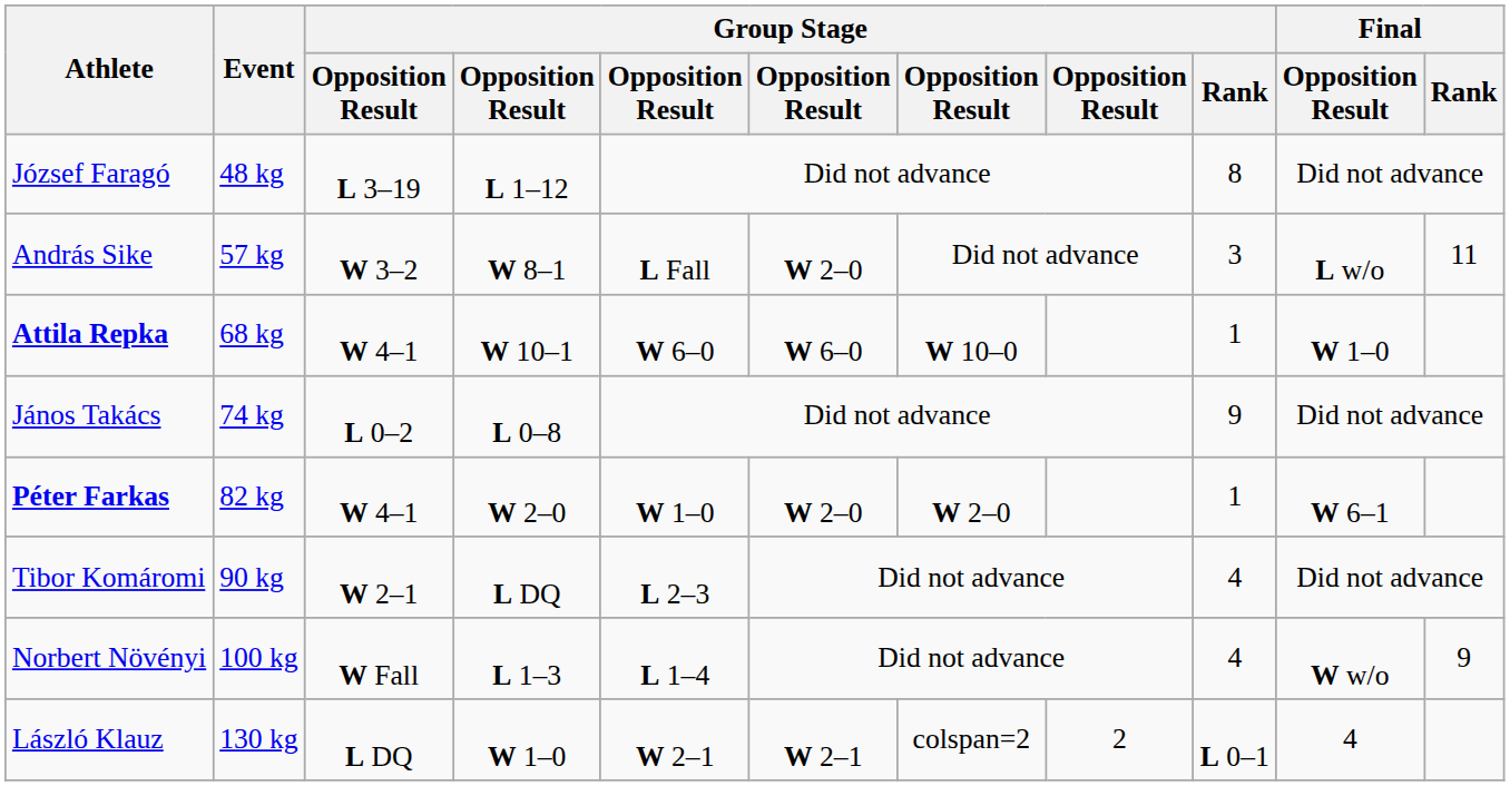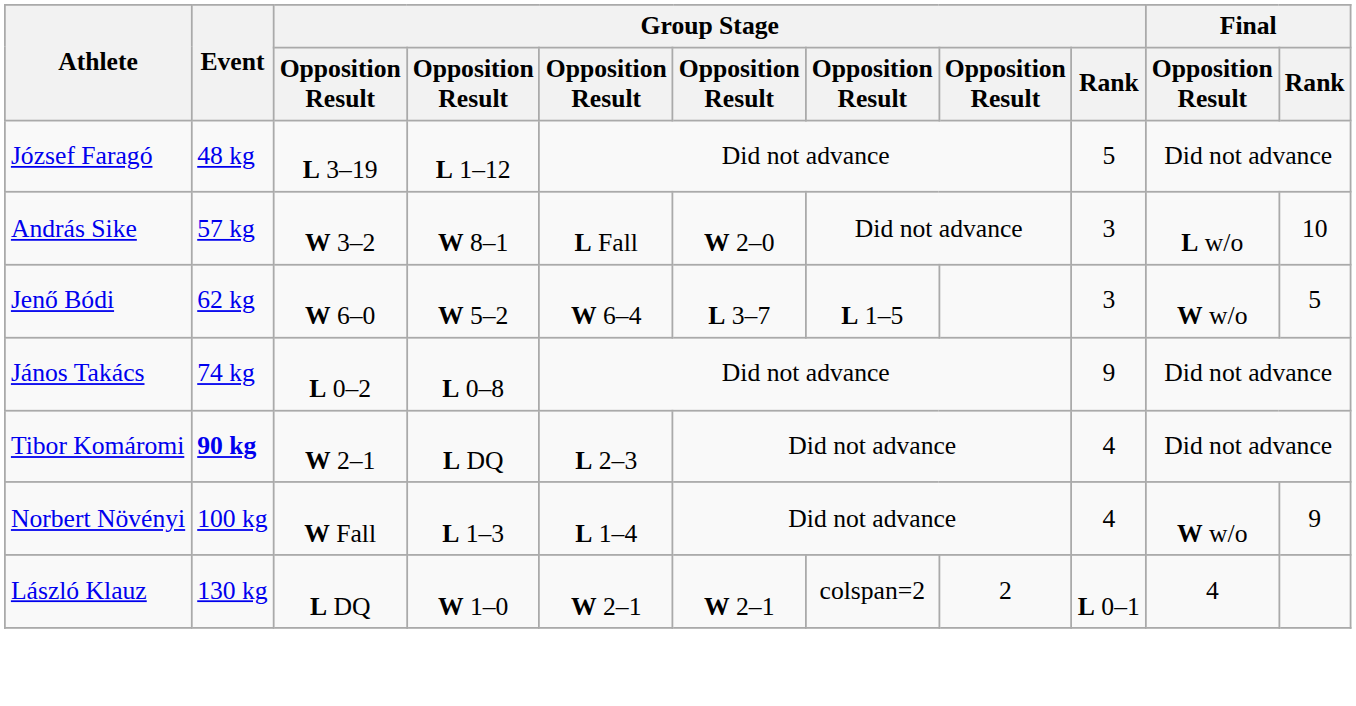 <table class=wikitable style="font-size:90%">
 <tr>
 <th rowspan="2">Athlete</th>
 <th rowspan="2">Event</th>
 <th colspan="7">Group Stage</th>
 <th colspan=2>Final</th>
 </tr>
 <tr>
 <th>Opposition<br>Result</th>
 <th>Opposition<br>Result</th>
 <th>Opposition<br>Result</th>
 <th>Opposition<br>Result</th>
 <th>Opposition<br>Result</th>
 <th>Opposition<br>Result</th>
 <th>Rank</th>
 <th>Opposition<br>Result</th>
 <th>Rank</th>
 </tr>
 <tr align=center>
 <td align=left><a href='#'>József Faragó</a></td>
 <td align=left><a href='#'>48 kg</a></td>
 <td><br><strong>L</strong> 3–19</td>
 <td><br><strong>L</strong> 1–12</td>
 <td colspan=4>Did not advance</td>
-<td>8</td>
+<td>5</td>
 <td colspan=2>Did not advance</td>
 </tr>
 <tr align=center>
 <td align=left><a href='#'>András Sike</a></td>
 <td align=left><a href='#'>57 kg</a></td>
 <td><br><strong>W</strong> 3–2</td>
 <td><br><strong>W</strong> 8–1</td>
 <td><br><strong>L</strong> Fall</td>
 <td><br><strong>W</strong> 2–0</td>
 <td colspan=2>Did not advance</td>
 <td>3</td>
 <td><br><strong>L</strong> w/o</td>
-<td>11</td>
+<td>10</td>
 </tr>
 <tr align=center>
-<td align=left><strong><a href='#'>Attila Repka</a></strong></td>
-<td align=left><a href='#'>68 kg</a></td>
-<td><br><strong>W</strong> 4–1</td>
-<td><br><strong>W</strong> 10–1</td>
+<td align=left><a href='#'>Jenő Bódi</a></td>
+<td align=left><a href='#'>62 kg</a></td>
 <td><br><strong>W</strong> 6–0</td>
-<td><br><strong>W</strong> 6–0</td>
-<td><br><strong>W</strong> 10–0</td>
+<td><br><strong>W</strong> 5–2</td>
+<td><br><strong>W</strong> 6–4</td>
+<td><br><strong>L</strong> 3–7</td>
+<td><br><strong>L</strong> 1–5</td>
 <td></td>
-<td>1</td>
-<td><br><strong>W</strong> 1–0</td>
-<td></td>
+<td>3</td>
+<td><br><strong>W</strong> w/o</td>
+<td>5</td>
 </tr>
 <tr align=center>
 <td align=left><a href='#'>János Takács</a></td>
 <td align=left><a href='#'>74 kg</a></td>
 <td><br><strong>L</strong> 0–2</td>
 <td><br><strong>L</strong> 0–8</td>
 <td colspan=4>Did not advance</td>
 <td>9</td>
 <td colspan=2>Did not advance</td>
 </tr>
 <tr align=center>
-<td align=left><strong><a href='#'>Péter Farkas</a></strong></td>
-<td align=left><a href='#'>82 kg</a></td>
-<td><br><strong>W</strong> 4–1</td>
-<td><br><strong>W</strong> 2–0</td>
-<td><br><strong>W</strong> 1–0</td>
-<td><br><strong>W</strong> 2–0</td>
-<td><br><strong>W</strong> 2–0</td>
-<td></td>
-<td>1</td>
-<td><br><strong>W</strong> 6–1</td>
-<td></td>
-</tr>
-<tr align=center>
 <td align=left><a href='#'>Tibor Komáromi</a></td>
-<td align=left><a href='#'>90 kg</a></td>
+<td align=left><strong><a href='#'>90 kg</a></strong></td>
 <td><br><strong>W</strong> 2–1</td>
 <td><br><strong>L</strong> DQ</td>
 <td><br><strong>L</strong> 2–3</td>
 <td colspan=3>Did not advance</td>
 <td>4</td>
 <td colspan=2>Did not advance</td>
 </tr>
 <tr align=center>
 <td align=left><a href='#'>Norbert Növényi</a></td>
 <td align=left><a href='#'>100 kg</a></td>
 <td><br><strong>W</strong> Fall</td>
 <td><br><strong>L</strong> 1–3</td>
 <td><br><strong>L</strong> 1–4</td>
 <td colspan=3>Did not advance</td>
 <td>4</td>
 <td><br><strong>W</strong> w/o</td>
 <td>9</td>
 </tr>
 <tr align=center>
 <td align=left><a href='#'>László Klauz</a></td>
 <td align=left><a href='#'>130 kg</a></td>
 <td><br><strong>L</strong> DQ</td>
 <td><br><strong>W</strong> 1–0</td>
 <td><br><strong>W</strong> 2–1</td>
 <td><br><strong>W</strong> 2–1</td>
 <td>colspan=2</td>
 <td>2</td>
 <td><br><strong>L</strong> 0–1</td>
 <td>4</td>
 </tr>
 </table>
